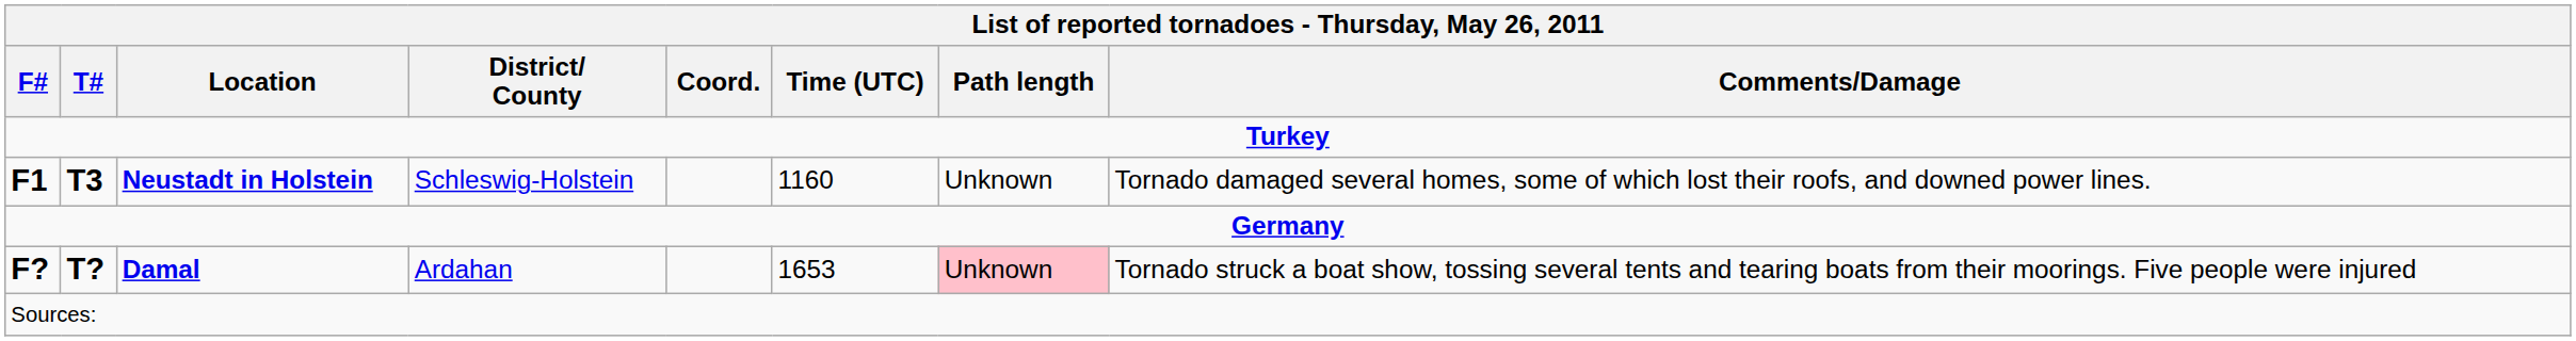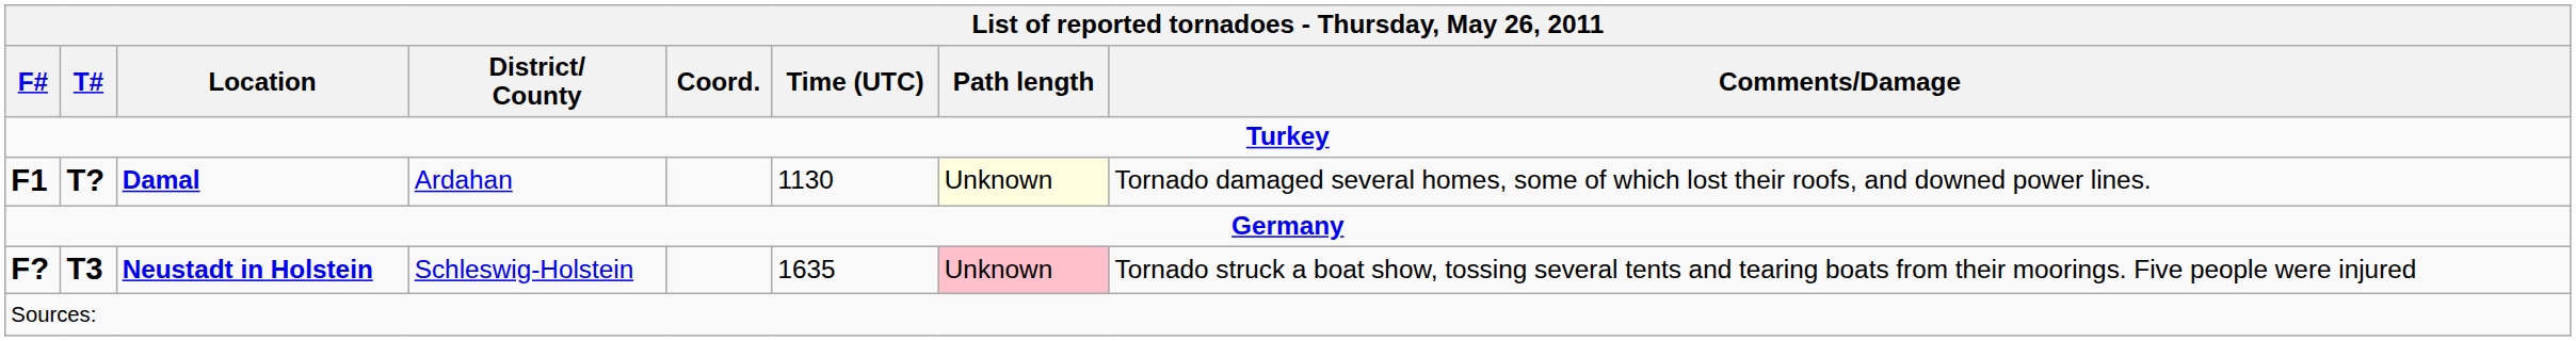 <table class="wikitable collapsible" width="100%">
 <tr>
 <th colspan="8">List of reported tornadoes - Thursday, May 26, 2011</th>
 </tr>
 <tr>
 <th><a href='#'>F#</a></th>
 <th><a href='#'>T#</a></th>
 <th>Location</th>
 <th>District/<br>County</th>
 <th>Coord.</th>
 <th>Time (UTC)</th>
 <th>Path length</th>
 <th>Comments/Damage</th>
 </tr>
 <tr>
 <td colspan="8" align=center><strong><a href='#'>Turkey</a></strong></td>
 </tr>
 <tr>
 <td><big><strong>F1</strong></big></td>
-<td><big><strong>T3</strong></big></td>
-<td><strong><a href='#'>Neustadt in Holstein</a></strong></td>
-<td><a href='#'>Schleswig-Holstein</a></td>
+<td><big><strong>T?</strong></big></td>
+<td><strong><a href='#'>Damal</a></strong></td>
+<td><a href='#'>Ardahan</a></td>
 <td></td>
-<td>1160</td>
-<td>Unknown</td>
+<td>1130</td>
+<td style="background: lightyellow;">Unknown</td>
 <td>Tornado damaged several homes, some of which lost their roofs, and downed power lines.</td>
 </tr>
 <tr>
 <td colspan="8" align=center><strong><a href='#'>Germany</a></strong></td>
 </tr>
 <tr>
 <td><big><strong>F?</strong></big></td>
-<td><big><strong>T?</strong></big></td>
-<td><strong><a href='#'>Damal</a></strong></td>
-<td><a href='#'>Ardahan</a></td>
+<td><big><strong>T3</strong></big></td>
+<td><strong><a href='#'>Neustadt in Holstein</a></strong></td>
+<td><a href='#'>Schleswig-Holstein</a></td>
 <td></td>
-<td>1653</td>
+<td>1635</td>
 <td style="background: pink;">Unknown</td>
 <td>Tornado struck a boat show, tossing several tents and tearing boats from their moorings. Five people were injured</td>
 </tr>
 <tr>
 <td colspan="8"><small>Sources:  </small></td>
 </tr>
 </table>
